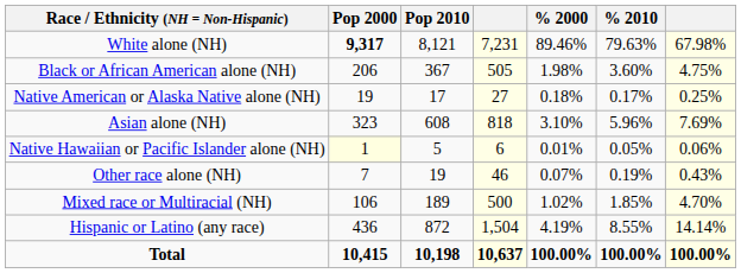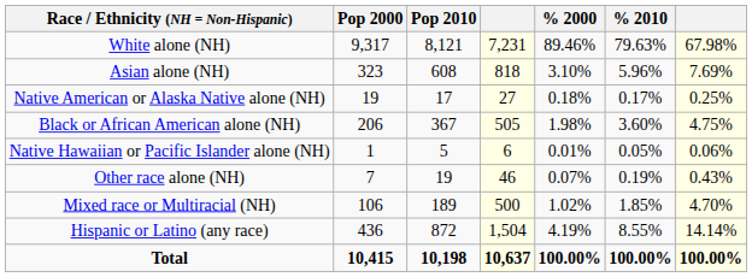 <table class="wikitable" style="text-align:center;">
 <tr>
 <th>Race / Ethnicity <small>(<em>NH = Non-Hispanic</em>)</small></th>
 <th>Pop 2000</th>
 <th>Pop 2010</th>
 <th></th>
 <th>% 2000</th>
 <th>% 2010</th>
 <th></th>
 </tr>
 <tr>
 <td><a href='#'>White</a> alone (NH)</td>
-<td><strong>9,317</strong></td>
+<td>9,317</td>
 <td>8,121</td>
 <td style='background: #ffffe6;'>7,231</td>
 <td>89.46%</td>
 <td>79.63%</td>
 <td style='background: #ffffe6;'>67.98%</td>
+</tr>
+<tr>
+<td><a href='#'>Asian</a> alone (NH)</td>
+<td>323</td>
+<td>608</td>
+<td style='background: #ffffe6;'>818</td>
+<td>3.10%</td>
+<td>5.96%</td>
+<td style='background: #ffffe6;'>7.69%</td>
+</tr>
+<tr>
+<td><a href='#'>Native American</a> or <a href='#'>Alaska Native</a> alone (NH)</td>
+<td>19</td>
+<td>17</td>
+<td style='background: #ffffe6;'>27</td>
+<td>0.18%</td>
+<td>0.17%</td>
+<td style='background: #ffffe6;'>0.25%</td>
 </tr>
 <tr>
 <td><a href='#'>Black or African American</a> alone (NH)</td>
 <td>206</td>
 <td>367</td>
 <td style='background: #ffffe6;'>505</td>
 <td>1.98%</td>
 <td>3.60%</td>
 <td style='background: #ffffe6;'>4.75%</td>
 </tr>
 <tr>
-<td><a href='#'>Native American</a> or <a href='#'>Alaska Native</a> alone (NH)</td>
-<td>19</td>
-<td>17</td>
-<td style='background: #ffffe6;'>27</td>
-<td>0.18%</td>
-<td>0.17%</td>
-<td style='background: #ffffe6;'>0.25%</td>
-</tr>
-<tr>
-<td><a href='#'>Asian</a> alone (NH)</td>
-<td>323</td>
-<td>608</td>
-<td style='background: #ffffe6;'>818</td>
-<td>3.10%</td>
-<td>5.96%</td>
-<td style='background: #ffffe6;'>7.69%</td>
-</tr>
-<tr>
 <td><a href='#'>Native Hawaiian</a> or <a href='#'>Pacific Islander</a> alone (NH)</td>
-<td style="background: lightyellow;">1</td>
+<td>1</td>
 <td>5</td>
 <td style='background: #ffffe6;'>6</td>
 <td>0.01%</td>
 <td>0.05%</td>
 <td style='background: #ffffe6;'>0.06%</td>
 </tr>
 <tr>
 <td><a href='#'>Other race</a> alone (NH)</td>
 <td>7</td>
 <td>19</td>
 <td style='background: #ffffe6;'>46</td>
 <td>0.07%</td>
 <td>0.19%</td>
 <td style='background: #ffffe6;'>0.43%</td>
 </tr>
 <tr>
 <td><a href='#'>Mixed race or Multiracial</a> (NH)</td>
 <td>106</td>
 <td>189</td>
 <td style='background: #ffffe6;'>500</td>
 <td>1.02%</td>
 <td>1.85%</td>
 <td style='background: #ffffe6;'>4.70%</td>
 </tr>
 <tr>
 <td><a href='#'>Hispanic or Latino</a> (any race)</td>
 <td>436</td>
 <td>872</td>
 <td style='background: #ffffe6;'>1,504</td>
 <td>4.19%</td>
 <td>8.55%</td>
 <td style='background: #ffffe6;'>14.14%</td>
 </tr>
 <tr>
 <td><strong>Total</strong></td>
 <td><strong>10,415</strong></td>
 <td><strong>10,198</strong></td>
 <td style='background: #ffffe6;'><strong>10,637</strong></td>
 <td><strong>100.00%</strong></td>
 <td><strong>100.00%</strong></td>
 <td style='background: #ffffe6;'><strong>100.00%</strong></td>
 </tr>
 </table>
